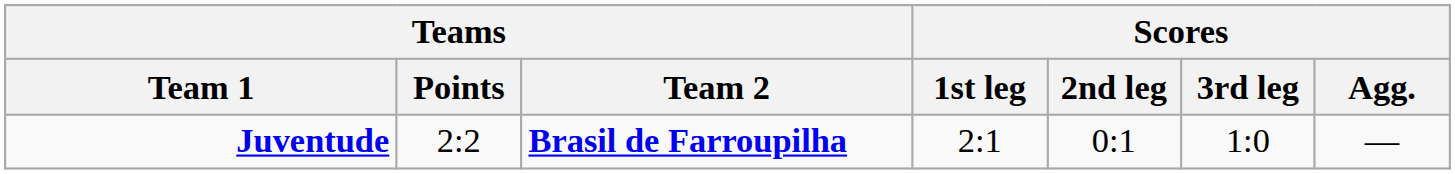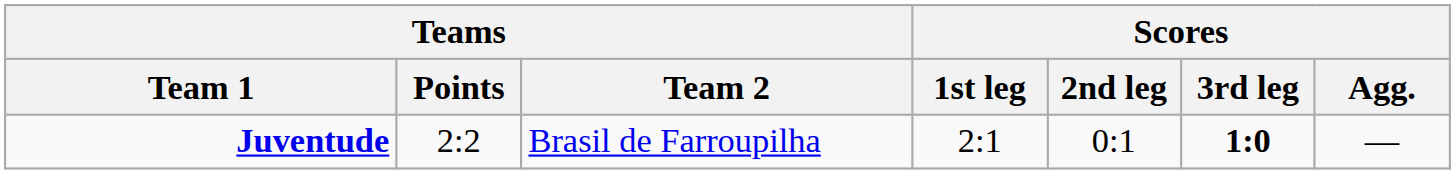 <table class="wikitable" style="text-align:center;">
 <tr>
 <th colspan=3>Teams</th>
 <th colspan=4>Scores</th>
 </tr>
 <tr>
 <th width="175">Team 1</th>
 <th width="50">Points</th>
 <th width="175">Team 2</th>
 <th width="55">1st leg</th>
 <th width="55">2nd leg</th>
 <th width="55">3rd leg</th>
 <th width="55">Agg.</th>
 </tr>
 <tr>
 <td align=right><strong><a href='#'>Juventude</a></strong></td>
 <td>2:2</td>
-<td align=left><strong><a href='#'>Brasil de Farroupilha</a></strong></td>
+<td align=left><a href='#'>Brasil de Farroupilha</a></td>
 <td>2:1</td>
 <td>0:1</td>
-<td>1:0</td>
+<td><strong>1:0</strong></td>
 <td>—</td>
 </tr>
 </table>
